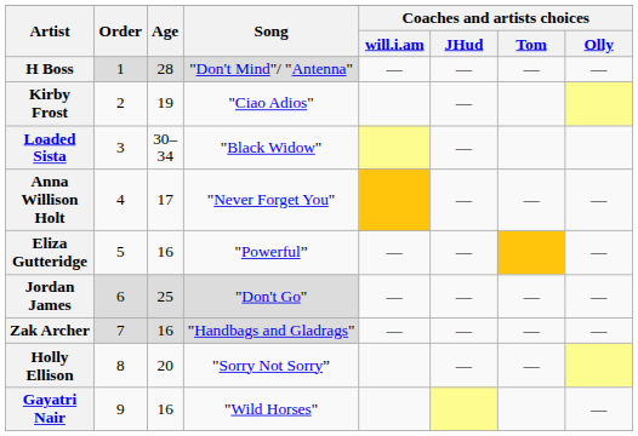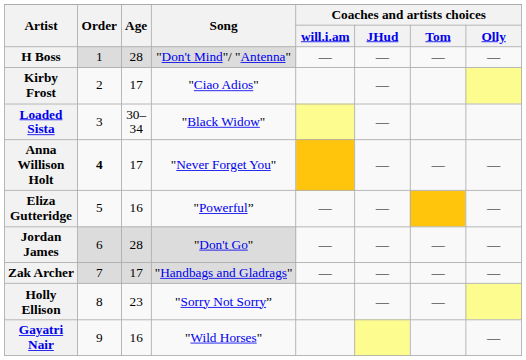 <table class="wikitable" style="text-align:center; width:100%;">
 <tr>
 </tr>
 <tr>
 <th scope="col" rowspan="2" style="width:13%;">Artist</th>
 <th scope="col" rowspan="2" style="width:05%;">Order</th>
 <th scope="col" rowspan="2" style="width:05%;">Age</th>
 <th scope="col" rowspan="2" style="width:26%;">Song</th>
 <th colspan="4" style="width:40%;">Coaches and artists choices</th>
 </tr>
 <tr>
 <th style="width:10%;"><a href='#'>will.i.am</a></th>
 <th style="width:10%;"><a href='#'>JHud</a></th>
 <th style="width:10%;"><a href='#'>Tom</a></th>
 <th style="width:10%;"><a href='#'>Olly</a></th>
 </tr>
 <tr>
 <th scope="row"><div> H Boss </div></th>
 <td style="background:#DCDCDC; text-align:center;">1</td>
 <td style="background:#DCDCDC; text-align:center;">28</td>
 <td style="background:#DCDCDC; text-align:center;">"<a href='#'>Don't Mind</a>"/ "<a href='#'>Antenna</a>"</td>
 <td>—</td>
 <td>—</td>
 <td>—</td>
 <td>—</td>
 </tr>
 <tr>
 <th scope="row"><div> Kirby Frost </div></th>
 <td>2</td>
-<td>19</td>
+<td>17</td>
 <td>"<a href='#'>Ciao Adios</a>"</td>
 <td><strong></strong></td>
 <td>—</td>
 <td><strong></strong></td>
 <td style="background:#fdfc8f;"><strong></strong></td>
 </tr>
 <tr>
 <th scope="row"><div> <a href='#'>Loaded Sista</a> </div></th>
 <td>3</td>
 <td>30–34</td>
 <td>"<a href='#'>Black Widow</a>"</td>
 <td style="background:#fdfc8f;"><strong></strong></td>
 <td>—</td>
 <td><strong></strong></td>
 <td><strong></strong></td>
 </tr>
 <tr>
 <th scope="row"><div> Anna Willison Holt </div></th>
-<td>4</td>
+<td><strong>4</strong></td>
 <td>17</td>
 <td>"<a href='#'>Never Forget You</a>"</td>
 <td style="background:#FFC40C;text-align:center;"><strong></strong></td>
 <td>—</td>
 <td>—</td>
 <td>—</td>
 </tr>
 <tr>
 <th scope="row"><div> Eliza Gutteridge </div></th>
 <td>5</td>
 <td>16</td>
 <td>"<a href='#'>Powerful</a>”</td>
 <td>—</td>
 <td>—</td>
 <td style="background:#FFC40C;text-align:center;"><strong></strong></td>
 <td>—</td>
 </tr>
 <tr>
 <th scope="row"><div> Jordan James </div></th>
 <td style="background:#DCDCDC; text-align:center;">6</td>
-<td style="background:#DCDCDC; text-align:center;">25</td>
+<td style="background:#DCDCDC; text-align:center;">28</td>
 <td style="background:#DCDCDC; text-align:center;">"<a href='#'>Don't Go</a>"</td>
 <td>—</td>
 <td>—</td>
 <td>—</td>
 <td>—</td>
 </tr>
 <tr>
 <th scope="row"><div> Zak Archer </div></th>
 <td style="background:#DCDCDC; text-align:center;">7</td>
-<td style="background:#DCDCDC; text-align:center;">16</td>
+<td style="background:#DCDCDC; text-align:center;">17</td>
 <td style="background:#DCDCDC; text-align:center;">"<a href='#'>Handbags and Gladrags</a>"</td>
 <td>—</td>
 <td>—</td>
 <td>—</td>
 <td>—</td>
 </tr>
 <tr>
 <th scope="row"><div> Holly Ellison </div></th>
 <td>8</td>
-<td>20</td>
+<td>23</td>
 <td>"<a href='#'>Sorry Not Sorry</a>”</td>
 <td><strong></strong></td>
 <td>—</td>
 <td>—</td>
 <td style="background:#fdfc8f;"><strong></strong></td>
 </tr>
 <tr>
 <th scope="row"><div>  <a href='#'>Gayatri Nair</a> </div></th>
 <td>9</td>
 <td>16</td>
 <td>"<a href='#'>Wild Horses</a>"</td>
 <td><strong></strong></td>
 <td style="background:#fdfc8f;"><strong></strong></td>
 <td><strong></strong></td>
 <td>—</td>
 </tr>
 </table>
